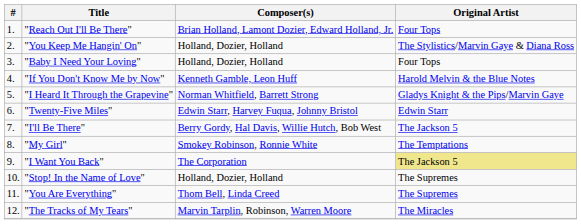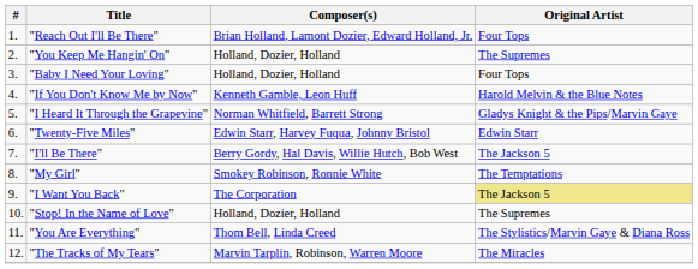 <table class="wikitable" border="1">
 <tr>
 <th>#</th>
 <th>Title</th>
 <th>Composer(s)</th>
 <th>Original Artist</th>
 </tr>
 <tr>
 <td>1.</td>
 <td>"<a href='#'>Reach Out I'll Be There</a>"</td>
 <td><a href='#'>Brian Holland, Lamont Dozier, Edward Holland, Jr.</a></td>
 <td><a href='#'>Four Tops</a></td>
 </tr>
 <tr>
 <td>2.</td>
 <td>"<a href='#'>You Keep Me Hangin' On</a>"</td>
 <td>Holland, Dozier, Holland</td>
-<td><a href='#'>The Stylistics</a>/<a href='#'>Marvin Gaye</a> & <a href='#'>Diana Ross</a></td>
+<td><a href='#'>The Supremes</a></td>
 </tr>
 <tr>
 <td>3.</td>
 <td>"<a href='#'>Baby I Need Your Loving</a>"</td>
 <td>Holland, Dozier, Holland</td>
 <td>Four Tops</td>
 </tr>
 <tr>
 <td>4.</td>
 <td>"<a href='#'>If You Don't Know Me by Now</a>"</td>
 <td><a href='#'>Kenneth Gamble, Leon Huff</a></td>
 <td><a href='#'>Harold Melvin & the Blue Notes</a></td>
 </tr>
 <tr>
 <td>5.</td>
 <td>"<a href='#'>I Heard It Through the Grapevine</a>"</td>
 <td><a href='#'>Norman Whitfield</a>, <a href='#'>Barrett Strong</a></td>
 <td><a href='#'>Gladys Knight & the Pips</a>/<a href='#'>Marvin Gaye</a></td>
 </tr>
 <tr>
 <td>6.</td>
 <td>"<a href='#'>Twenty-Five Miles</a>"</td>
 <td><a href='#'>Edwin Starr</a>, <a href='#'>Harvey Fuqua</a>, <a href='#'>Johnny Bristol</a></td>
 <td><a href='#'>Edwin Starr</a></td>
 </tr>
 <tr>
 <td>7.</td>
 <td>"<a href='#'>I'll Be There</a>"</td>
 <td><a href='#'>Berry Gordy</a>, <a href='#'>Hal Davis</a>, <a href='#'>Willie Hutch</a>, Bob West</td>
 <td><a href='#'>The Jackson 5</a></td>
 </tr>
 <tr>
 <td>8.</td>
 <td>"<a href='#'>My Girl</a>"</td>
 <td><a href='#'>Smokey Robinson</a>, <a href='#'>Ronnie White</a></td>
 <td><a href='#'>The Temptations</a></td>
 </tr>
 <tr>
 <td>9.</td>
 <td>"<a href='#'>I Want You Back</a>"</td>
 <td><a href='#'>The Corporation</a></td>
 <td style="background: khaki;">The Jackson 5</td>
 </tr>
 <tr>
 <td>10.</td>
 <td>"<a href='#'>Stop! In the Name of Love</a>"</td>
 <td>Holland, Dozier, Holland</td>
 <td>The Supremes</td>
 </tr>
 <tr>
 <td>11.</td>
 <td>"<a href='#'>You Are Everything</a>"</td>
 <td><a href='#'>Thom Bell</a>, <a href='#'>Linda Creed</a></td>
-<td><a href='#'>The Supremes</a></td>
+<td><a href='#'>The Stylistics</a>/<a href='#'>Marvin Gaye</a> & <a href='#'>Diana Ross</a></td>
 </tr>
 <tr>
 <td>12.</td>
 <td>"<a href='#'>The Tracks of My Tears</a>"</td>
 <td><a href='#'>Marvin Tarplin</a>, Robinson, <a href='#'>Warren Moore</a></td>
 <td><a href='#'>The Miracles</a></td>
 </tr>
 <tr>
 </tr>
 </table>
